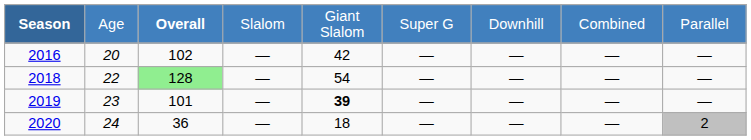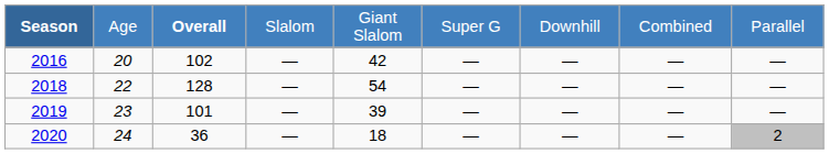 <table class="wikitable" style="font-size:85%; text-align:center; border:grey solid 1px; border-collapse:collapse;" width="35%">
 <tr style="background-color:#369; color:white;">
 <td rowspan="2" colspan="1" width="3%"><strong>Season</strong></td>
 </tr>
 <tr style="background-color:#4180be; color:white;">
 <td width="3%">Age</td>
 <td width="4%"><strong>Overall</strong></td>
 <td width="4%">Slalom</td>
 <td width="4%">Giant<br>Slalom</td>
 <td width="4%">Super G</td>
 <td width="4%">Downhill</td>
 <td width="4%">Combined</td>
 <td width="4%">Parallel</td>
 </tr>
 <tr style="background-color:#8CB2D8; color:white;">
 </tr>
 <tr>
 <td><a href='#'>2016</a></td>
 <td><em>20</em></td>
 <td>102</td>
 <td>—</td>
 <td>42</td>
 <td>—</td>
 <td>—</td>
 <td>—</td>
 <td>—</td>
 </tr>
 <tr>
 <td><a href='#'>2018</a></td>
 <td><em>22</em></td>
-<td style="background: lightgreen;">128</td>
+<td>128</td>
 <td>—</td>
 <td>54</td>
 <td>—</td>
 <td>—</td>
 <td>—</td>
 <td>—</td>
 </tr>
 <tr>
 <td><a href='#'>2019</a></td>
 <td><em>23</em></td>
 <td>101</td>
 <td>—</td>
-<td><strong>39</strong></td>
+<td>39</td>
 <td>—</td>
 <td>—</td>
 <td>—</td>
 <td>—</td>
 </tr>
 <tr>
 <td><a href='#'>2020</a></td>
 <td><em>24</em></td>
 <td>36</td>
 <td>—</td>
 <td>18</td>
 <td>—</td>
 <td>—</td>
 <td>—</td>
 <td bgcolor="silver">2</td>
 </tr>
 </table>
